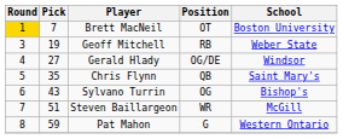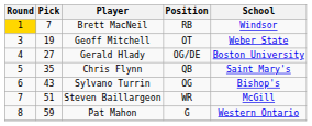 <table class="wikitable" style="font-size: 95%;">
 <tr>
 <th scope="col">Round</th>
 <th scope="col">Pick</th>
 <th scope="col">Player</th>
 <th scope="col">Position</th>
 <th scope="col">School</th>
 </tr>
 <tr align="center">
 <td align=center style="background: gold;">1</td>
 <td>7</td>
 <td>Brett MacNeil</td>
-<td>OT</td>
-<td><a href='#'>Boston University</a></td>
+<td>RB</td>
+<td><a href='#'>Windsor</a></td>
 </tr>
 <tr align="center">
 <td align=center>3</td>
 <td>19</td>
 <td>Geoff Mitchell</td>
-<td>RB</td>
+<td>OT</td>
 <td><a href='#'>Weber State</a></td>
 </tr>
 <tr align="center">
 <td align=center>4</td>
 <td>27</td>
 <td>Gerald Hlady</td>
 <td>OG/DE</td>
-<td><a href='#'>Windsor</a></td>
+<td><a href='#'>Boston University</a></td>
 </tr>
 <tr align="center">
 <td align=center>5</td>
 <td>35</td>
 <td>Chris Flynn</td>
 <td>QB</td>
 <td><a href='#'>Saint Mary's</a></td>
 </tr>
 <tr align="center">
 <td align=center>6</td>
 <td>43</td>
 <td>Sylvano Turrin</td>
 <td>OG</td>
 <td><a href='#'>Bishop's</a></td>
 </tr>
 <tr align="center">
 <td align=center>7</td>
 <td>51</td>
 <td>Steven Baillargeon</td>
 <td>WR</td>
 <td><a href='#'>McGill</a></td>
 </tr>
 <tr align="center">
 <td align=center>8</td>
 <td>59</td>
 <td>Pat Mahon</td>
 <td>G</td>
 <td><a href='#'>Western Ontario</a></td>
 </tr>
 <tr>
 </tr>
 </table>
